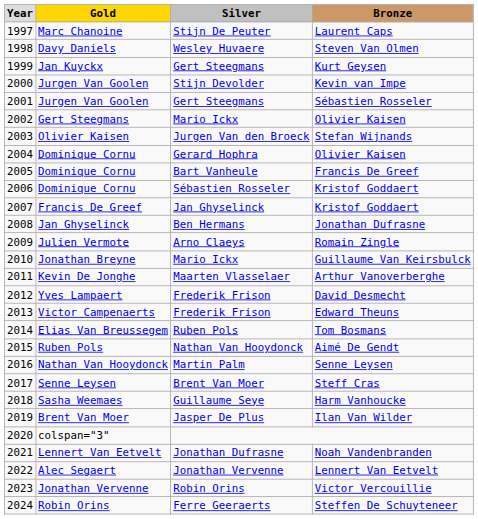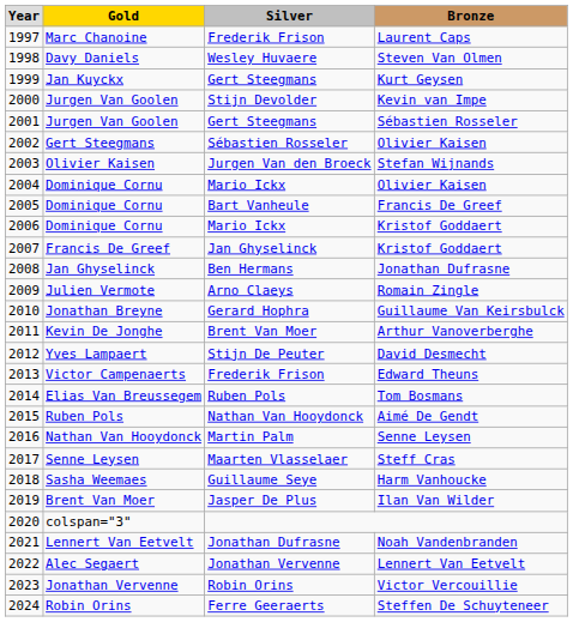 <table class="wikitable" style="text-align:left;">
 <tr>
 <td style="background:#DDDDDD; font-weight:bold; text-align:center;">Year</td>
 <td style="background:gold; font-weight:bold; text-align:center;">Gold</td>
 <td style="background:silver; font-weight:bold; text-align:center;">Silver</td>
 <td style="background:#cc9966; font-weight:bold; text-align:center;">Bronze</td>
 </tr>
 <tr>
 <td>1997</td>
 <td><a href='#'>Marc Chanoine</a></td>
-<td><a href='#'>Stijn De Peuter</a></td>
+<td><a href='#'>Frederik Frison</a></td>
 <td><a href='#'>Laurent Caps</a></td>
 </tr>
 <tr>
 <td>1998</td>
 <td><a href='#'>Davy Daniels</a></td>
 <td><a href='#'>Wesley Huvaere</a></td>
 <td><a href='#'>Steven Van Olmen</a></td>
 </tr>
 <tr>
 <td>1999</td>
 <td><a href='#'>Jan Kuyckx</a></td>
 <td><a href='#'>Gert Steegmans</a></td>
 <td><a href='#'>Kurt Geysen</a></td>
 </tr>
 <tr>
 <td>2000</td>
 <td><a href='#'>Jurgen Van Goolen</a></td>
 <td><a href='#'>Stijn Devolder</a></td>
 <td><a href='#'>Kevin van Impe</a></td>
 </tr>
 <tr>
 <td>2001</td>
 <td><a href='#'>Jurgen Van Goolen</a></td>
 <td><a href='#'>Gert Steegmans</a></td>
 <td><a href='#'>Sébastien Rosseler</a></td>
 </tr>
 <tr>
 <td>2002</td>
 <td><a href='#'>Gert Steegmans</a></td>
-<td><a href='#'>Mario Ickx</a></td>
+<td><a href='#'>Sébastien Rosseler</a></td>
 <td><a href='#'>Olivier Kaisen</a></td>
 </tr>
 <tr>
 <td>2003</td>
 <td><a href='#'>Olivier Kaisen</a></td>
 <td><a href='#'>Jurgen Van den Broeck</a></td>
 <td><a href='#'>Stefan Wijnands</a></td>
 </tr>
 <tr>
 <td>2004</td>
 <td><a href='#'>Dominique Cornu</a></td>
-<td><a href='#'>Gerard Hophra</a></td>
+<td><a href='#'>Mario Ickx</a></td>
 <td><a href='#'>Olivier Kaisen</a></td>
 </tr>
 <tr>
 <td>2005</td>
 <td><a href='#'>Dominique Cornu</a></td>
 <td><a href='#'>Bart Vanheule</a></td>
 <td><a href='#'>Francis De Greef</a></td>
 </tr>
 <tr>
 <td>2006</td>
 <td><a href='#'>Dominique Cornu</a></td>
-<td><a href='#'>Sébastien Rosseler</a></td>
+<td><a href='#'>Mario Ickx</a></td>
 <td><a href='#'>Kristof Goddaert</a></td>
 </tr>
 <tr>
 <td>2007</td>
 <td><a href='#'>Francis De Greef</a></td>
 <td><a href='#'>Jan Ghyselinck</a></td>
 <td><a href='#'>Kristof Goddaert</a></td>
 </tr>
 <tr>
 <td>2008</td>
 <td><a href='#'>Jan Ghyselinck</a></td>
 <td><a href='#'>Ben Hermans</a></td>
 <td><a href='#'>Jonathan Dufrasne</a></td>
 </tr>
 <tr>
 <td>2009</td>
 <td><a href='#'>Julien Vermote</a></td>
 <td><a href='#'>Arno Claeys</a></td>
 <td><a href='#'>Romain Zingle</a></td>
 </tr>
 <tr>
 <td>2010</td>
 <td><a href='#'>Jonathan Breyne</a></td>
-<td><a href='#'>Mario Ickx</a></td>
+<td><a href='#'>Gerard Hophra</a></td>
 <td><a href='#'>Guillaume Van Keirsbulck</a></td>
 </tr>
 <tr>
 <td>2011</td>
 <td><a href='#'>Kevin De Jonghe</a></td>
-<td><a href='#'>Maarten Vlasselaer</a></td>
+<td><a href='#'>Brent Van Moer</a></td>
 <td><a href='#'>Arthur Vanoverberghe</a></td>
 </tr>
 <tr>
 <td>2012</td>
 <td><a href='#'>Yves Lampaert</a></td>
-<td><a href='#'>Frederik Frison</a></td>
+<td><a href='#'>Stijn De Peuter</a></td>
 <td><a href='#'>David Desmecht</a></td>
 </tr>
 <tr>
 <td>2013</td>
 <td><a href='#'>Victor Campenaerts</a></td>
 <td><a href='#'>Frederik Frison</a></td>
 <td><a href='#'>Edward Theuns</a></td>
 </tr>
 <tr>
 <td>2014</td>
 <td><a href='#'>Elias Van Breussegem</a></td>
 <td><a href='#'>Ruben Pols</a></td>
 <td><a href='#'>Tom Bosmans</a></td>
 </tr>
 <tr>
 <td>2015</td>
 <td><a href='#'>Ruben Pols</a></td>
 <td><a href='#'>Nathan Van Hooydonck</a></td>
 <td><a href='#'>Aimé De Gendt</a></td>
 </tr>
 <tr>
 <td>2016</td>
 <td><a href='#'>Nathan Van Hooydonck</a></td>
 <td><a href='#'>Martin Palm</a></td>
 <td><a href='#'>Senne Leysen</a></td>
 </tr>
 <tr>
 <td>2017</td>
 <td><a href='#'>Senne Leysen</a></td>
-<td><a href='#'>Brent Van Moer</a></td>
+<td><a href='#'>Maarten Vlasselaer</a></td>
 <td><a href='#'>Steff Cras</a></td>
 </tr>
 <tr>
 <td>2018</td>
 <td><a href='#'>Sasha Weemaes</a></td>
 <td><a href='#'>Guillaume Seye</a></td>
 <td><a href='#'>Harm Vanhoucke</a></td>
 </tr>
 <tr>
 <td>2019</td>
 <td><a href='#'>Brent Van Moer</a></td>
 <td><a href='#'>Jasper De Plus</a></td>
 <td><a href='#'>Ilan Van Wilder</a></td>
 </tr>
 <tr>
 <td>2020</td>
 <td>colspan="3" </td>
 </tr>
 <tr>
 <td>2021</td>
 <td><a href='#'>Lennert Van Eetvelt</a></td>
 <td><a href='#'>Jonathan Dufrasne</a></td>
 <td><a href='#'>Noah Vandenbranden</a></td>
 </tr>
 <tr>
 <td>2022</td>
 <td><a href='#'>Alec Segaert</a></td>
 <td><a href='#'>Jonathan Vervenne</a></td>
 <td><a href='#'>Lennert Van Eetvelt</a></td>
 </tr>
 <tr>
 <td>2023</td>
 <td><a href='#'>Jonathan Vervenne</a></td>
 <td><a href='#'>Robin Orins</a></td>
 <td><a href='#'>Victor Vercouillie</a></td>
 </tr>
 <tr>
 <td>2024</td>
 <td><a href='#'>Robin Orins</a></td>
 <td><a href='#'>Ferre Geeraerts</a></td>
 <td><a href='#'>Steffen De Schuyteneer</a></td>
 </tr>
 </table>
